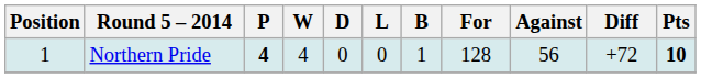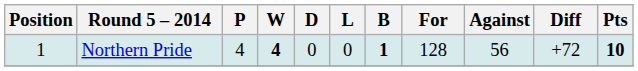 <table class="wikitable" style="text-align:center; font-size:85%;">
 <tr>
 <th width=40 abbr="Position">Position</th>
 <th width=100>Round 5 – 2014</th>
 <th width=20 abbr="Played">P</th>
 <th width=20 abbr="Won">W</th>
 <th width=20 abbr="Drawn">D</th>
 <th width=20 abbr="Lost">L</th>
 <th width=20 abbr="Bye">B</th>
 <th width=40 abbr="Points for">For</th>
 <th width=40 abbr="Points against">Against</th>
 <th width=40 abbr="Points difference">Diff</th>
 <th width=20 abbr="Points">Pts</th>
 </tr>
 <tr style="background: #d7ebed;">
 <td>1</td>
 <td style="text-align:left;"> <a href='#'>Northern Pride</a></td>
+<td>4</td>
 <td><strong>4</strong></td>
-<td>4</td>
 <td>0</td>
 <td>0</td>
-<td>1</td>
+<td><strong>1</strong></td>
 <td>128</td>
 <td>56</td>
 <td>+72</td>
 <td><strong>10</strong></td>
 </tr>
 <tr>
 </tr>
 </table>
